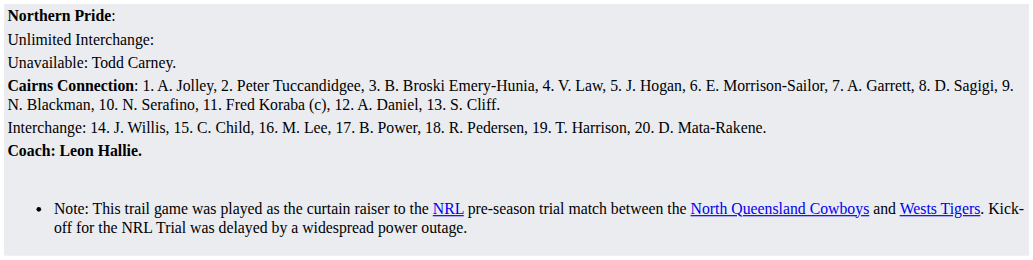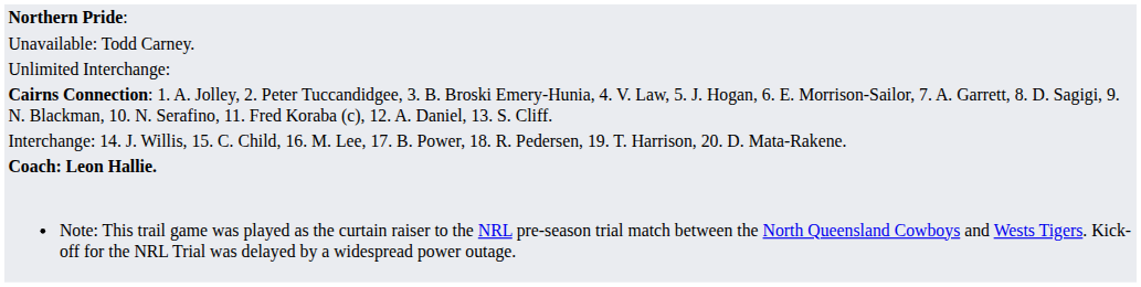 <table style="background:#eaecf0; font-size:85%; width:100%;">
 <tr>
 <td><strong>Northern Pride</strong>:             </td>
 </tr>
 <tr>
-<td>Unlimited Interchange:       </td>
+<td>Unavailable: Todd Carney.</td>
 </tr>
 <tr>
-<td>Unavailable: Todd Carney.</td>
+<td>Unlimited Interchange:       </td>
 </tr>
 <tr>
 <td><strong>Cairns Connection</strong>: 1. A. Jolley, 2. Peter Tuccandidgee, 3. B. Broski Emery-Hunia, 4. V. Law, 5. J. Hogan, 6. E. Morrison-Sailor, 7. A. Garrett, 8. D. Sagigi, 9. N. Blackman, 10. N. Serafino, 11. Fred Koraba (c), 12. A. Daniel, 13. S. Cliff.</td>
 </tr>
 <tr>
 <td>Interchange: 14. J. Willis, 15. C. Child, 16. M. Lee, 17. B. Power, 18. R. Pedersen, 19. T. Harrison, 20. D. Mata-Rakene.</td>
 </tr>
 <tr>
 <td><strong>Coach: Leon Hallie.</strong></td>
 </tr>
 <tr>
 <td><br><ul><li>Note: This trail game was played as the curtain raiser to the <a href='#'>NRL</a> pre-season trial match between the <a href='#'>North Queensland Cowboys</a> and <a href='#'>Wests Tigers</a>. Kick-off for the NRL Trial was delayed by a widespread power outage.</li></ul></td>
 </tr>
 </table>
